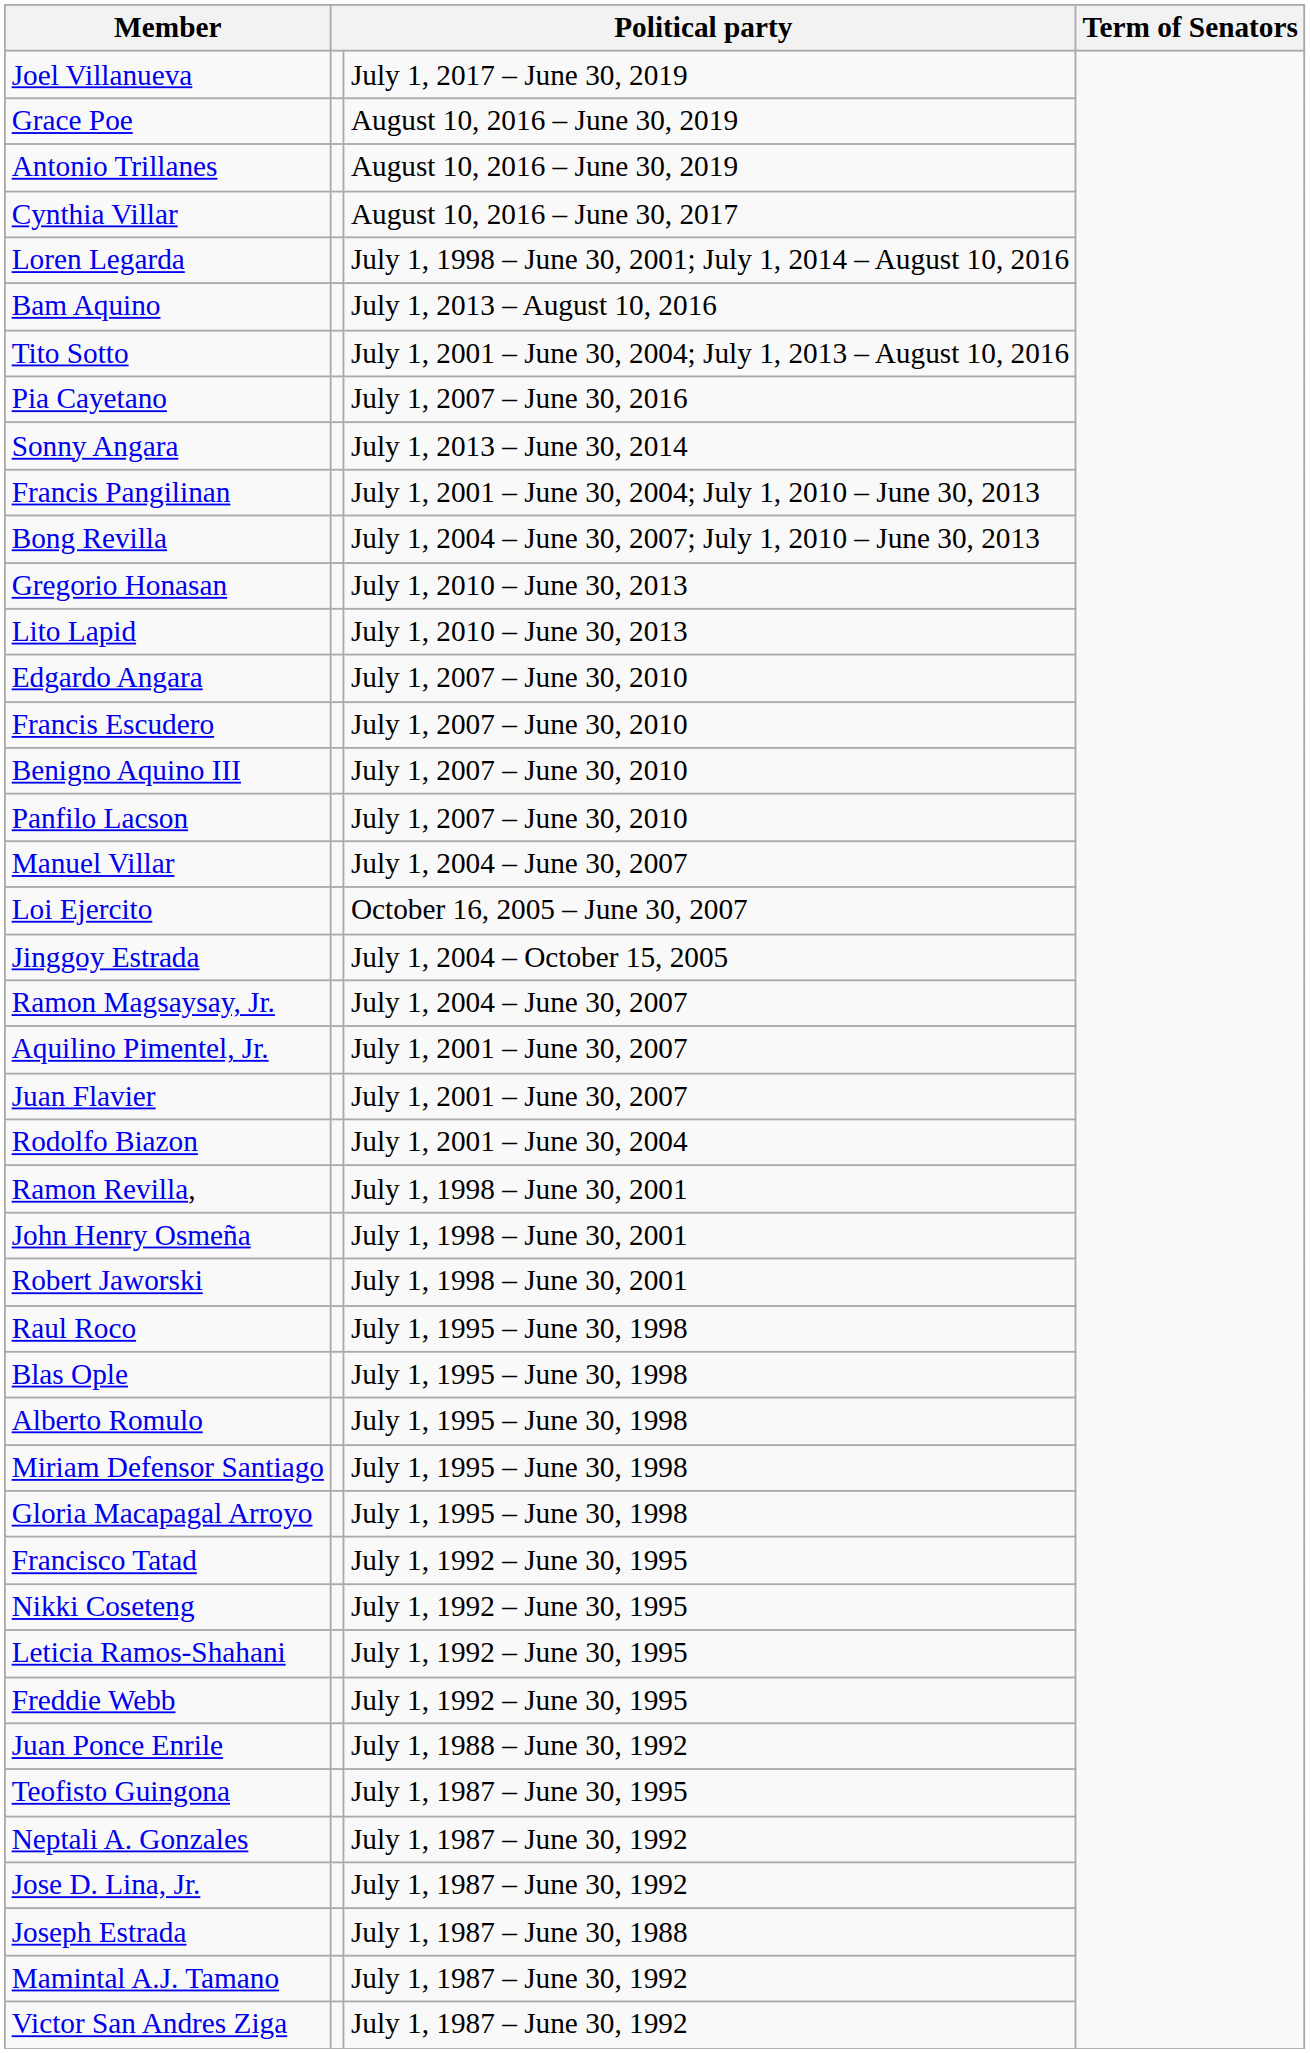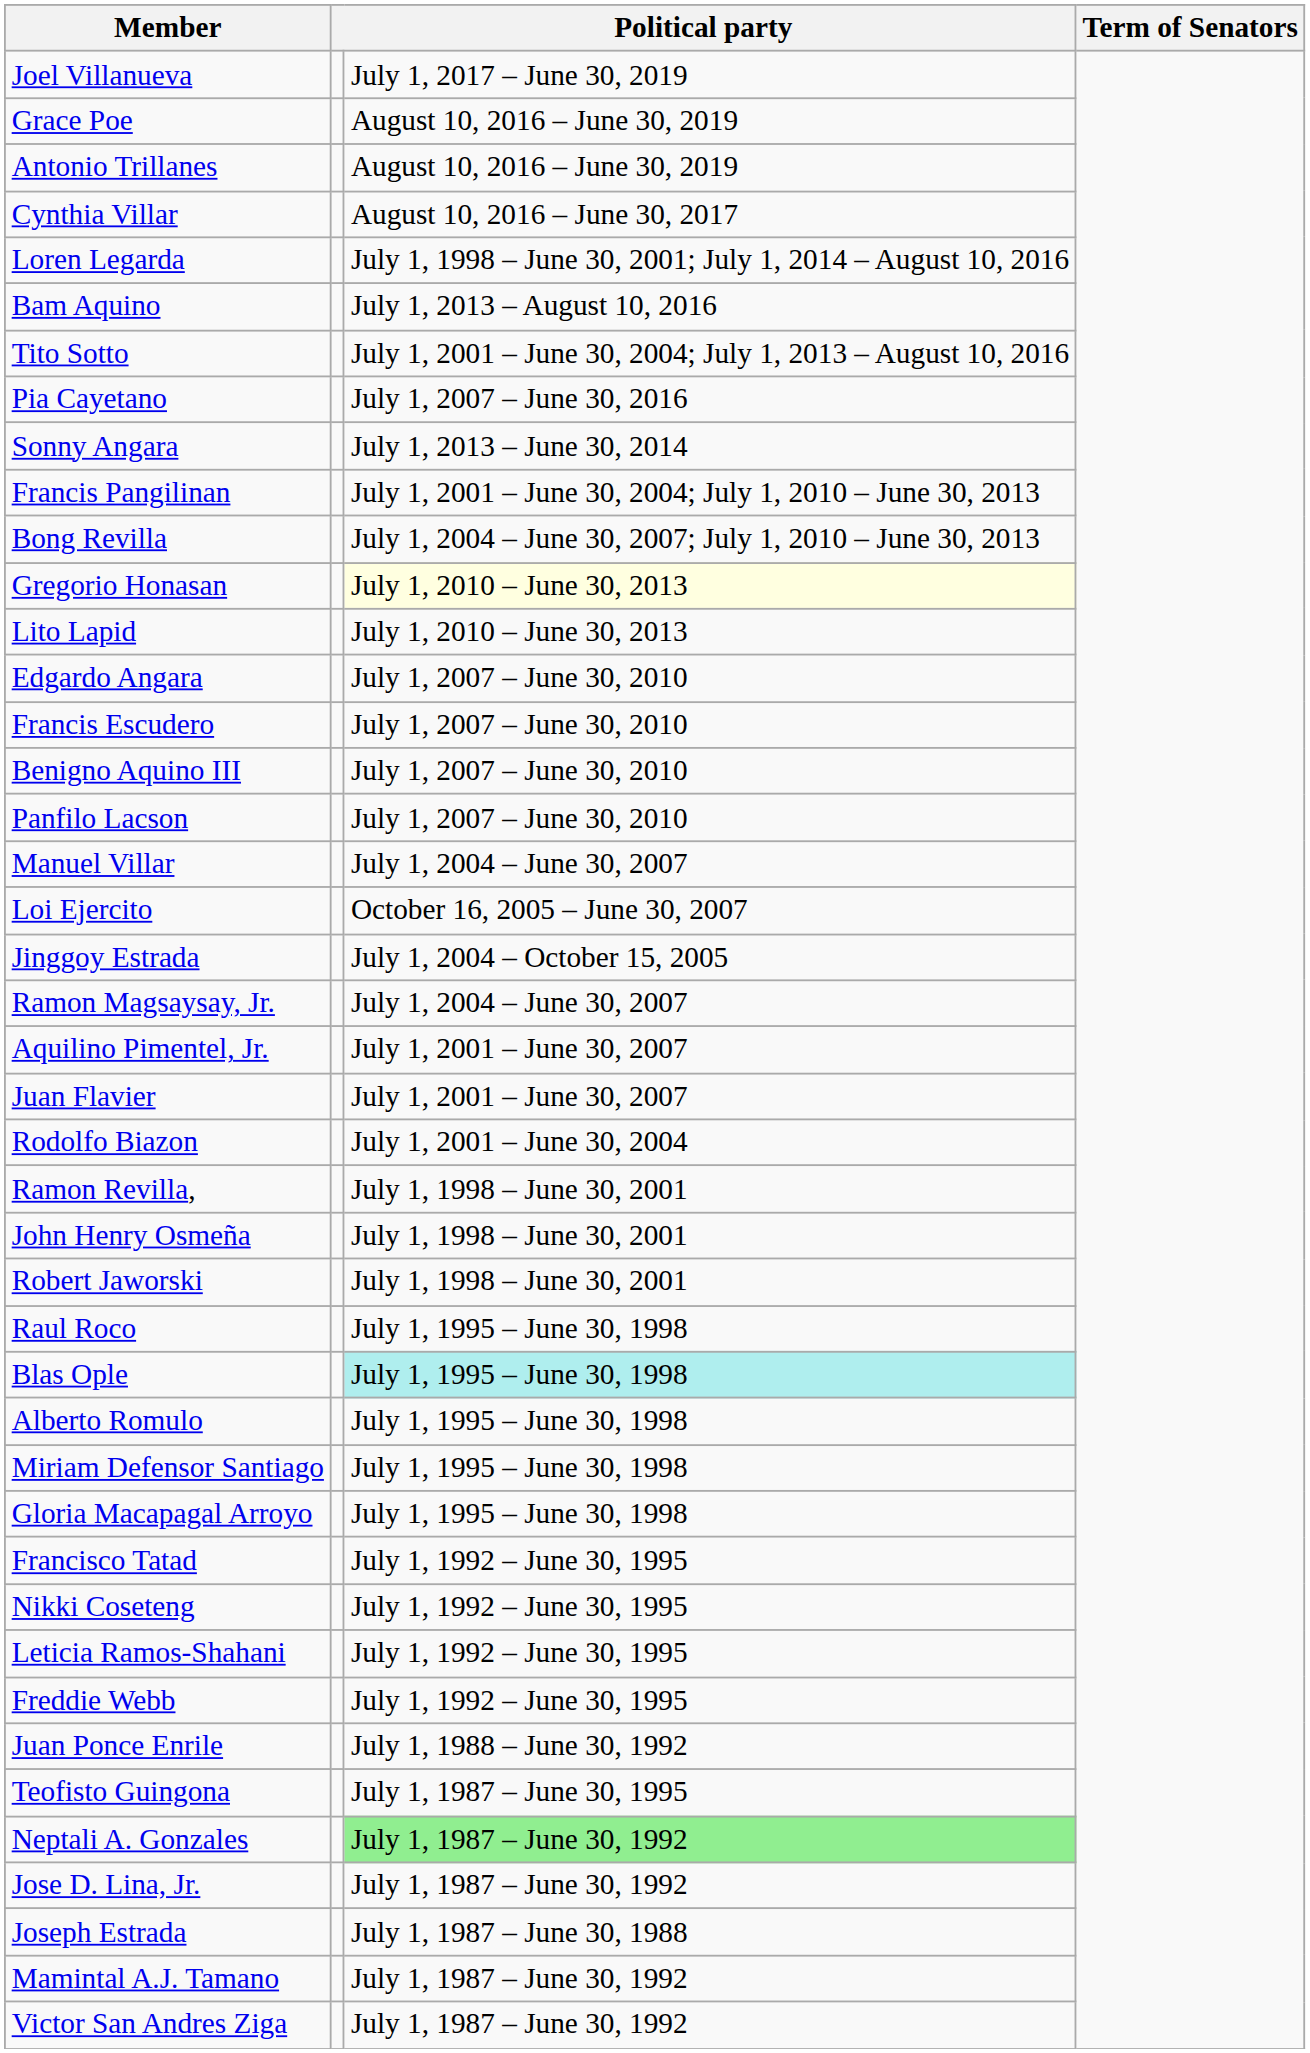 <table class=wikitable>
 <tr>
 <th>Member</th>
 <th colspan=2>Political party</th>
 <th>Term of Senators</th>
 </tr>
 <tr>
 <td><a href='#'>Joel Villanueva</a></td>
 <td></td>
 <td>July 1, 2017 – June 30, 2019</td>
 </tr>
 <tr>
 <td><a href='#'>Grace Poe</a></td>
 <td></td>
 <td>August 10, 2016 – June 30, 2019</td>
 </tr>
 <tr>
 <td><a href='#'>Antonio Trillanes</a></td>
 <td></td>
 <td>August 10, 2016 – June 30, 2019</td>
 </tr>
 <tr>
 <td><a href='#'>Cynthia Villar</a></td>
 <td></td>
 <td>August 10, 2016 – June 30, 2017</td>
 </tr>
 <tr>
 <td><a href='#'>Loren Legarda</a></td>
 <td></td>
 <td>July 1, 1998 – June 30, 2001; July 1, 2014 – August 10, 2016</td>
 </tr>
 <tr>
 <td><a href='#'>Bam Aquino</a></td>
 <td></td>
 <td>July 1, 2013 – August 10, 2016</td>
 </tr>
 <tr>
 <td><a href='#'>Tito Sotto</a></td>
 <td></td>
 <td>July 1, 2001 – June 30, 2004; July 1, 2013 – August 10, 2016</td>
 </tr>
 <tr>
 <td><a href='#'>Pia Cayetano</a></td>
 <td></td>
 <td>July 1, 2007 – June 30, 2016</td>
 </tr>
 <tr>
 <td><a href='#'>Sonny Angara</a></td>
 <td></td>
 <td>July 1, 2013 – June 30, 2014</td>
 </tr>
 <tr>
 <td><a href='#'>Francis Pangilinan</a></td>
 <td></td>
 <td>July 1, 2001 – June 30, 2004; July 1, 2010 – June 30, 2013</td>
 </tr>
 <tr>
 <td><a href='#'>Bong Revilla</a></td>
 <td></td>
 <td>July 1, 2004 – June 30, 2007; July 1, 2010 – June 30, 2013</td>
 </tr>
 <tr>
 <td><a href='#'>Gregorio Honasan</a></td>
 <td></td>
-<td>July 1, 2010 – June 30, 2013</td>
+<td style="background: lightyellow;">July 1, 2010 – June 30, 2013</td>
 </tr>
 <tr>
 <td><a href='#'>Lito Lapid</a></td>
 <td></td>
 <td>July 1, 2010 – June 30, 2013</td>
 </tr>
 <tr>
 <td><a href='#'>Edgardo Angara</a></td>
 <td></td>
 <td>July 1, 2007 – June 30, 2010</td>
 </tr>
 <tr>
 <td><a href='#'>Francis Escudero</a></td>
 <td></td>
 <td>July 1, 2007 – June 30, 2010</td>
 </tr>
 <tr>
 <td><a href='#'>Benigno Aquino III</a></td>
 <td></td>
 <td>July 1, 2007 – June 30, 2010</td>
 </tr>
 <tr>
 <td><a href='#'>Panfilo Lacson</a></td>
 <td></td>
 <td>July 1, 2007 – June 30, 2010</td>
 </tr>
 <tr>
 <td><a href='#'>Manuel Villar</a></td>
 <td></td>
 <td>July 1, 2004 – June 30, 2007</td>
 </tr>
 <tr>
 <td><a href='#'>Loi Ejercito</a></td>
 <td></td>
 <td>October 16, 2005 – June 30, 2007</td>
 </tr>
 <tr>
 <td><a href='#'>Jinggoy Estrada</a></td>
 <td></td>
 <td>July 1, 2004 – October 15, 2005</td>
 </tr>
 <tr>
 <td><a href='#'>Ramon Magsaysay, Jr.</a></td>
 <td></td>
 <td>July 1, 2004 – June 30, 2007</td>
 </tr>
 <tr>
 <td><a href='#'>Aquilino Pimentel, Jr.</a></td>
 <td></td>
 <td>July 1, 2001 – June 30, 2007</td>
 </tr>
 <tr>
 <td><a href='#'>Juan Flavier</a></td>
 <td></td>
 <td>July 1, 2001 – June 30, 2007</td>
 </tr>
 <tr>
 <td><a href='#'>Rodolfo Biazon</a></td>
 <td></td>
 <td>July 1, 2001 – June 30, 2004</td>
 </tr>
 <tr>
 <td><a href='#'>Ramon Revilla</a>,</td>
 <td></td>
 <td>July 1, 1998 – June 30, 2001</td>
 </tr>
 <tr>
 <td><a href='#'>John Henry Osmeña</a></td>
 <td></td>
 <td>July 1, 1998 – June 30, 2001</td>
 </tr>
 <tr>
 <td><a href='#'>Robert Jaworski</a></td>
 <td></td>
 <td>July 1, 1998 – June 30, 2001</td>
 </tr>
 <tr>
 <td><a href='#'>Raul Roco</a></td>
 <td></td>
 <td>July 1, 1995 – June 30, 1998</td>
 </tr>
 <tr>
 <td><a href='#'>Blas Ople</a></td>
 <td></td>
-<td>July 1, 1995 – June 30, 1998</td>
+<td style="background: paleturquoise;">July 1, 1995 – June 30, 1998</td>
 </tr>
 <tr>
 <td><a href='#'>Alberto Romulo</a></td>
 <td></td>
 <td>July 1, 1995 – June 30, 1998</td>
 </tr>
 <tr>
 <td><a href='#'>Miriam Defensor Santiago</a></td>
 <td></td>
 <td>July 1, 1995 – June 30, 1998</td>
 </tr>
 <tr>
 <td><a href='#'>Gloria Macapagal Arroyo</a></td>
 <td></td>
 <td>July 1, 1995 – June 30, 1998</td>
 </tr>
 <tr>
 <td><a href='#'>Francisco Tatad</a></td>
 <td></td>
 <td>July 1, 1992 – June 30, 1995</td>
 </tr>
 <tr>
 <td><a href='#'>Nikki Coseteng</a></td>
 <td></td>
 <td>July 1, 1992 – June 30, 1995</td>
 </tr>
 <tr>
 <td><a href='#'>Leticia Ramos-Shahani</a></td>
 <td></td>
 <td>July 1, 1992 – June 30, 1995</td>
 </tr>
 <tr>
 <td><a href='#'>Freddie Webb</a></td>
 <td></td>
 <td>July 1, 1992 – June 30, 1995</td>
 </tr>
 <tr>
 <td><a href='#'>Juan Ponce Enrile</a></td>
 <td></td>
 <td>July 1, 1988 – June 30, 1992</td>
 </tr>
 <tr>
 <td><a href='#'>Teofisto Guingona</a></td>
 <td></td>
 <td>July 1, 1987 – June 30, 1995</td>
 </tr>
 <tr>
 <td><a href='#'>Neptali A. Gonzales</a></td>
 <td></td>
-<td>July 1, 1987 – June 30, 1992</td>
+<td style="background: lightgreen;">July 1, 1987 – June 30, 1992</td>
 </tr>
 <tr>
 <td><a href='#'>Jose D. Lina, Jr.</a></td>
 <td></td>
 <td>July 1, 1987 – June 30, 1992</td>
 </tr>
 <tr>
 <td><a href='#'>Joseph Estrada</a></td>
 <td></td>
 <td>July 1, 1987 – June 30, 1988</td>
 </tr>
 <tr>
 <td><a href='#'>Mamintal A.J. Tamano</a></td>
 <td></td>
 <td>July 1, 1987 – June 30, 1992</td>
 </tr>
 <tr>
 <td><a href='#'>Victor San Andres Ziga</a></td>
 <td></td>
 <td>July 1, 1987 – June 30, 1992</td>
 </tr>
 </table>
